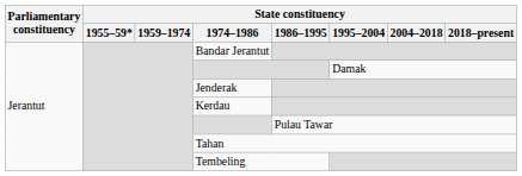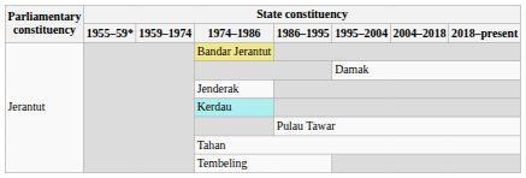 <table class="wikitable">
 <tr>
 <th rowspan="2">Parliamentary<br>constituency</th>
 <th colspan="7">State constituency</th>
 </tr>
 <tr>
 <th>1955–59*</th>
 <th>1959–1974</th>
 <th>1974–1986</th>
 <th>1986–1995</th>
 <th>1995–2004</th>
 <th>2004–2018</th>
 <th>2018–present</th>
 </tr>
 <tr>
 <td rowspan="7">Jerantut</td>
 <td colspan="2" rowspan="7" bgcolor="dcdcdc"></td>
-<td>Bandar Jerantut</td>
+<td style="background: khaki;">Bandar Jerantut</td>
 <td colspan="4" bgcolor="dcdcdc"></td>
 </tr>
 <tr>
 <td colspan="2" bgcolor="dcdcdc"></td>
 <td colspan="3">Damak</td>
 </tr>
 <tr>
 <td>Jenderak</td>
 <td colspan="4" bgcolor="dcdcdc"></td>
 </tr>
 <tr>
-<td>Kerdau</td>
+<td style="background: paleturquoise;">Kerdau</td>
 <td colspan="4" bgcolor="dcdcdc"></td>
 </tr>
 <tr>
 <td bgcolor="dcdcdc"></td>
 <td colspan="4">Pulau Tawar</td>
 </tr>
 <tr>
 <td colspan="5">Tahan</td>
 </tr>
 <tr>
 <td colspan="2">Tembeling</td>
 <td colspan="3" bgcolor="dcdcdc"></td>
 </tr>
 </table>
